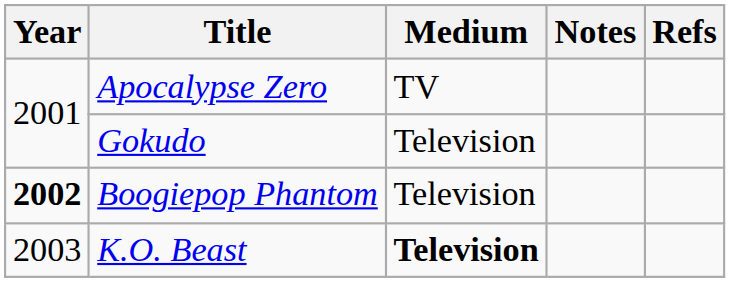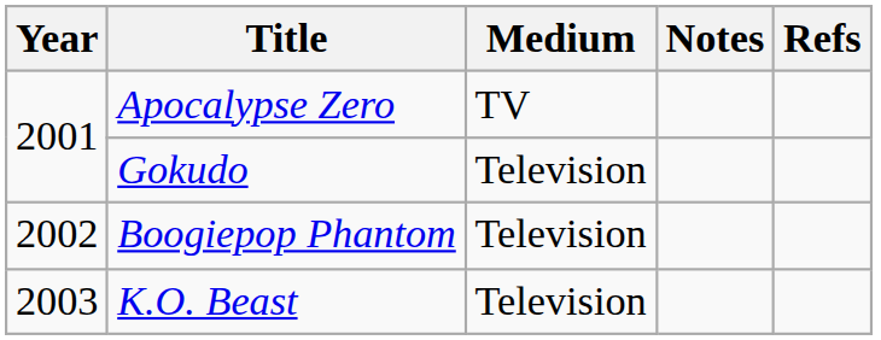 <table class="wikitable">
 <tr>
 <th>Year</th>
 <th>Title</th>
 <th>Medium</th>
 <th>Notes</th>
 <th>Refs</th>
 </tr>
 <tr>
 <td rowspan="2">2001</td>
 <td><em><a href='#'>Apocalypse Zero</a></em></td>
 <td>TV</td>
 <td></td>
 <td></td>
 </tr>
 <tr>
 <td><em><a href='#'>Gokudo</a></em></td>
 <td>Television</td>
 <td></td>
 <td></td>
 </tr>
 <tr>
-<td><strong>2002</strong></td>
+<td>2002</td>
 <td><em><a href='#'>Boogiepop Phantom</a></em></td>
 <td>Television</td>
 <td></td>
 <td></td>
 </tr>
 <tr>
 <td>2003</td>
 <td><em><a href='#'>K.O. Beast</a></em></td>
-<td><strong>Television</strong></td>
+<td>Television</td>
 <td></td>
 <td></td>
 </tr>
 </table>
